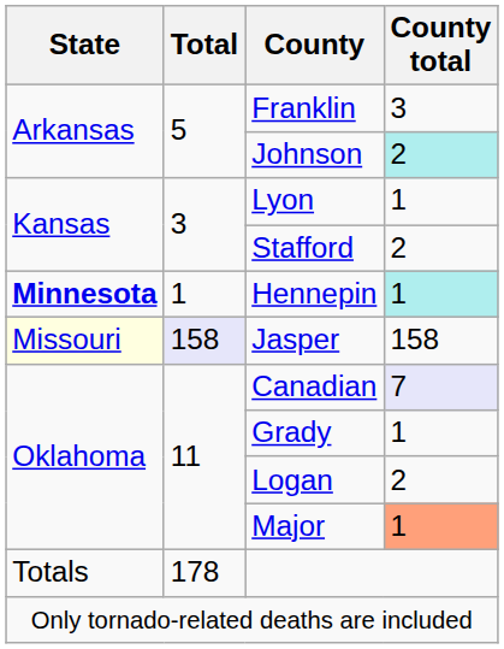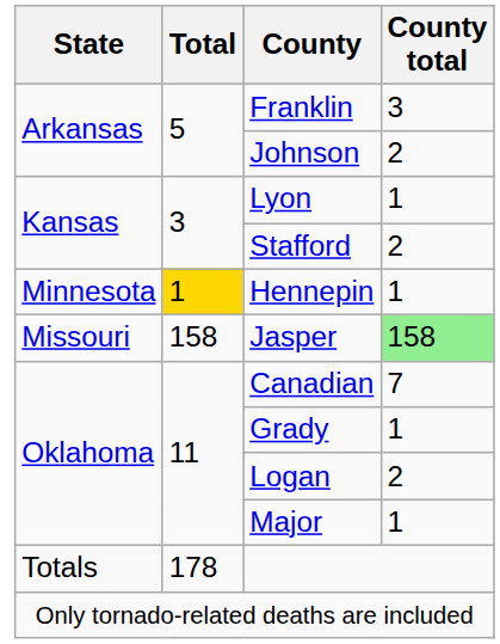 <table class="wikitable" style="margin:0 0 0.5em 1em;float:right;clear:right;">
 <tr>
 <th>State</th>
 <th>Total</th>
 <th>County</th>
 <th>County<br>total</th>
 </tr>
 <tr>
 <td rowspan="2"><a href='#'>Arkansas</a></td>
 <td rowspan="2">5</td>
 <td><a href='#'>Franklin</a></td>
 <td>3</td>
 </tr>
 <tr>
 <td><a href='#'>Johnson</a></td>
-<td style="background: paleturquoise;">2</td>
+<td>2</td>
 </tr>
 <tr>
 <td rowspan="2"><a href='#'>Kansas</a></td>
 <td rowspan="2">3</td>
 <td><a href='#'>Lyon</a></td>
 <td>1</td>
 </tr>
 <tr>
 <td><a href='#'>Stafford</a></td>
 <td>2</td>
 </tr>
 <tr>
-<td rowspan="1"><strong><a href='#'>Minnesota</a></strong></td>
-<td rowspan="1">1</td>
+<td rowspan="1"><a href='#'>Minnesota</a></td>
+<td rowspan="1" style="background: gold;">1</td>
 <td><a href='#'>Hennepin</a></td>
-<td style="background: paleturquoise;">1</td>
+<td>1</td>
 </tr>
 <tr>
-<td rowspan="1" style="background: lightyellow;"><a href='#'>Missouri</a></td>
-<td rowspan="1" style="background: lavender;">158</td>
+<td rowspan="1"><a href='#'>Missouri</a></td>
+<td rowspan="1">158</td>
 <td><a href='#'>Jasper</a></td>
-<td>158</td>
+<td style="background: lightgreen;">158</td>
 </tr>
 <tr>
 <td rowspan="4"><a href='#'>Oklahoma</a></td>
 <td rowspan="4">11</td>
 <td><a href='#'>Canadian</a></td>
-<td style="background: lavender;">7</td>
+<td>7</td>
 </tr>
 <tr>
 <td><a href='#'>Grady</a></td>
 <td>1</td>
 </tr>
 <tr>
 <td><a href='#'>Logan</a></td>
 <td>2</td>
 </tr>
 <tr>
 <td><a href='#'>Major</a></td>
-<td style="background: lightsalmon;">1</td>
+<td>1</td>
 </tr>
 <tr>
 <td>Totals</td>
 <td>178</td>
 <td colspan=2></td>
 </tr>
 <tr>
 <td colspan="4" style="text-align:center;"><small>Only tornado-related deaths are included</small></td>
 </tr>
 </table>
